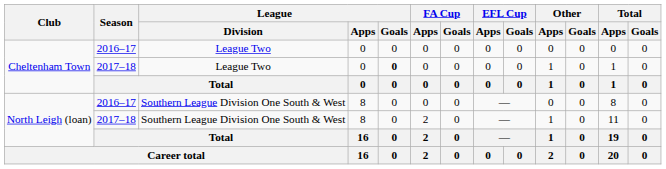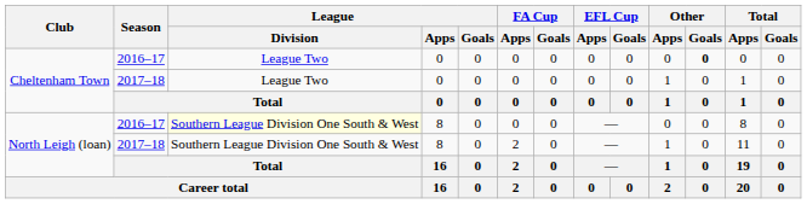 <table class="wikitable" style="text-align: center;">
 <tr>
 <th rowspan="2">Club</th>
 <th rowspan="2">Season</th>
 <th colspan="3">League</th>
 <th colspan="2"><a href='#'>FA Cup</a></th>
 <th colspan="2"><a href='#'>EFL Cup</a></th>
 <th colspan="2">Other</th>
 <th colspan="2">Total</th>
 </tr>
 <tr>
 <th>Division</th>
 <th>Apps</th>
 <th>Goals</th>
 <th>Apps</th>
 <th>Goals</th>
 <th>Apps</th>
 <th>Goals</th>
 <th>Apps</th>
 <th>Goals</th>
 <th>Apps</th>
 <th>Goals</th>
 </tr>
 <tr>
 <td rowspan="3" valign="center"><a href='#'>Cheltenham Town</a></td>
 <td><a href='#'>2016–17</a></td>
 <td><a href='#'>League Two</a></td>
 <td>0</td>
 <td>0</td>
 <td>0</td>
 <td>0</td>
 <td>0</td>
 <td>0</td>
 <td>0</td>
-<td>0</td>
+<td><strong>0</strong></td>
 <td>0</td>
 <td>0</td>
 </tr>
 <tr>
 <td><a href='#'>2017–18</a></td>
 <td>League Two</td>
 <td>0</td>
-<td><strong>0</strong></td>
+<td>0</td>
 <td>0</td>
 <td>0</td>
 <td>0</td>
 <td>0</td>
 <td>1</td>
 <td>0</td>
 <td>1</td>
 <td>0</td>
 </tr>
 <tr>
 <th colspan="2">Total</th>
 <th>0</th>
 <th>0</th>
 <th>0</th>
 <th>0</th>
 <th>0</th>
 <th>0</th>
 <th>1</th>
 <th>0</th>
 <th>1</th>
 <th>0</th>
 </tr>
 <tr>
 <td rowspan="3" valign="center"><a href='#'>North Leigh</a> (loan)</td>
 <td><a href='#'>2016–17</a></td>
-<td><a href='#'>Southern League</a> Division One South & West</td>
+<td style="background: lightyellow;"><a href='#'>Southern League</a> Division One South & West</td>
 <td>8</td>
 <td>0</td>
 <td>0</td>
 <td>0</td>
 <td colspan="2">—</td>
 <td>0</td>
 <td>0</td>
 <td>8</td>
 <td>0</td>
 </tr>
 <tr>
 <td><a href='#'>2017–18</a></td>
 <td>Southern League Division One South & West</td>
 <td>8</td>
 <td>0</td>
 <td>2</td>
 <td>0</td>
 <td colspan="2">—</td>
 <td>1</td>
 <td>0</td>
 <td>11</td>
 <td>0</td>
 </tr>
 <tr>
 <th colspan="2">Total</th>
 <th>16</th>
 <th>0</th>
 <th>2</th>
 <th>0</th>
 <th colspan="2">—</th>
 <th>1</th>
 <th>0</th>
 <th>19</th>
 <th>0</th>
 </tr>
 <tr>
 <th colspan="3">Career total</th>
 <th>16</th>
 <th>0</th>
 <th>2</th>
 <th>0</th>
 <th>0</th>
 <th>0</th>
 <th>2</th>
 <th>0</th>
 <th>20</th>
 <th>0</th>
 </tr>
 </table>
